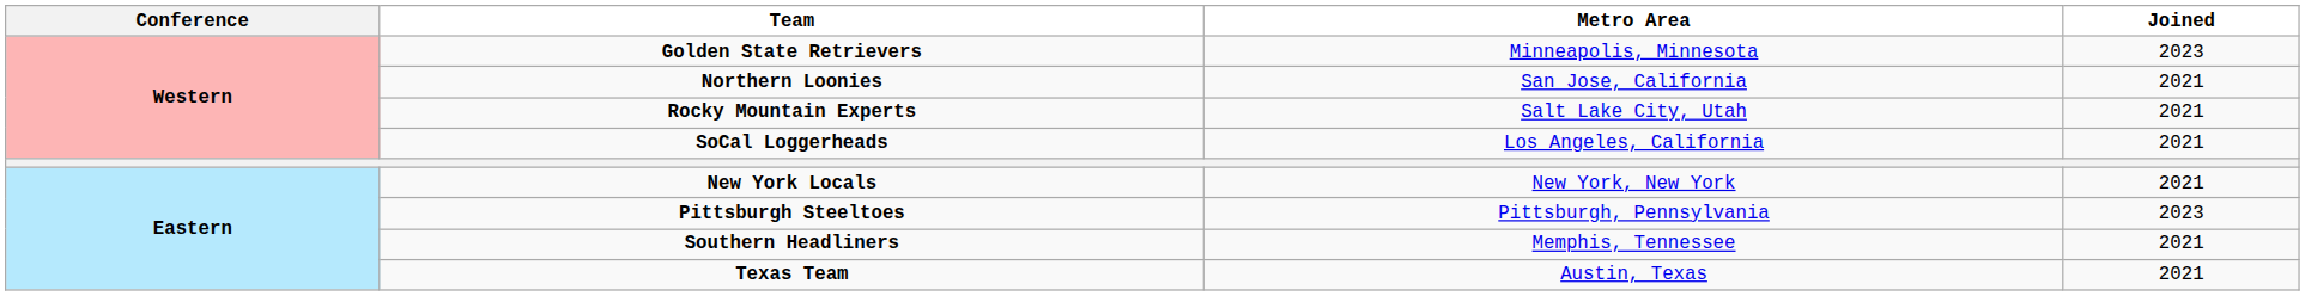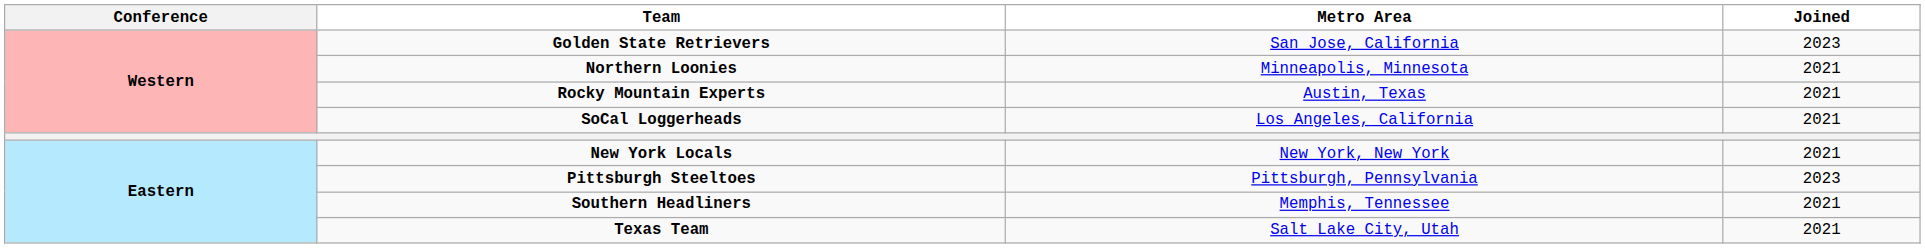 <table class="wikitable" style="width:100%">
 <tr>
 <th>Conference</th>
 <th style="background:white" scope="col">Team</th>
 <th style="background:white" scope="col">Metro Area</th>
 <th style="background:white" scope="col">Joined</th>
 </tr>
 <tr>
 <th rowspan="4" style="background:#fdb5b5;">Western</th>
 <td align="center"><strong>Golden State Retrievers</strong></td>
-<td align="center"><a href='#'>Minneapolis, Minnesota</a></td>
+<td align="center"><a href='#'>San Jose, California</a></td>
 <td align="center">2023</td>
 </tr>
 <tr>
 <td align="center"><strong>Northern Loonies</strong></td>
-<td align="center"><a href='#'>San Jose, California</a></td>
+<td align="center"><a href='#'>Minneapolis, Minnesota</a></td>
 <td align="center">2021</td>
 </tr>
 <tr>
 <td align="center"><strong>Rocky Mountain Experts</strong></td>
-<td align="center"><a href='#'>Salt Lake City, Utah</a></td>
+<td align="center"><a href='#'>Austin, Texas</a></td>
 <td align="center">2021</td>
 </tr>
 <tr>
 <td align="center"><strong>SoCal Loggerheads</strong></td>
 <td align="center"><a href='#'>Los Angeles, California</a></td>
 <td align="center">2021</td>
 </tr>
 <tr>
 <th colspan="4"></th>
 </tr>
 <tr>
 <th rowspan="4" style="background:#b5e9fd;">Eastern</th>
 <td align="center"><strong>New York Locals</strong></td>
 <td align="center"><a href='#'>New York, New York</a></td>
 <td align="center">2021</td>
 </tr>
 <tr>
 <td align="center"><strong>Pittsburgh Steeltoes</strong></td>
 <td align="center"><a href='#'>Pittsburgh, Pennsylvania</a></td>
 <td align="center">2023</td>
 </tr>
 <tr>
 <td align="center"><strong>Southern Headliners</strong></td>
 <td align="center"><a href='#'>Memphis, Tennessee</a></td>
 <td align="center">2021</td>
 </tr>
 <tr>
 <td align="center"><strong>Texas Team</strong></td>
-<td align="center"><a href='#'>Austin, Texas</a></td>
+<td align="center"><a href='#'>Salt Lake City, Utah</a></td>
 <td align="center">2021</td>
 </tr>
 </table>
